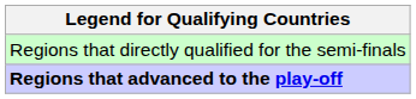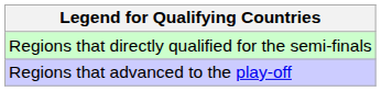 <table class="wikitable">
 <tr>
 <th>Legend for Qualifying Countries</th>
 </tr>
 <tr bgcolor=#ccffcc>
 <td>Regions that directly qualified for the semi-finals</td>
 </tr>
 <tr bgcolor=#ccccff>
-<td><strong>Regions that advanced to the <a href='#'>play-off</a></strong></td>
+<td>Regions that advanced to the <a href='#'>play-off</a></td>
 </tr>
 </table>
